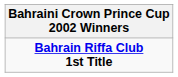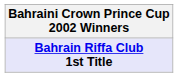 <table class="wikitable" style="text-align: center; margin: 0 auto;">
 <tr>
 <th>Bahraini Crown Prince Cup <br>2002 Winners</th>
 </tr>
 <tr>
-<td><strong><a href='#'>Bahrain Riffa Club</a></strong><br><strong>1st Title</strong></td>
+<td style="background: lavender;"><strong><a href='#'>Bahrain Riffa Club</a></strong><br><strong>1st Title</strong></td>
 </tr>
 </table>
